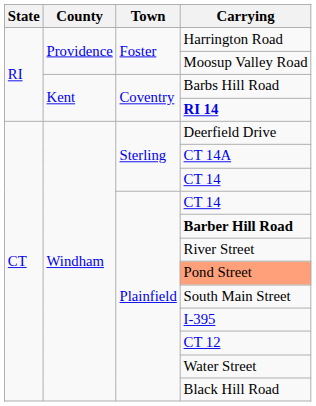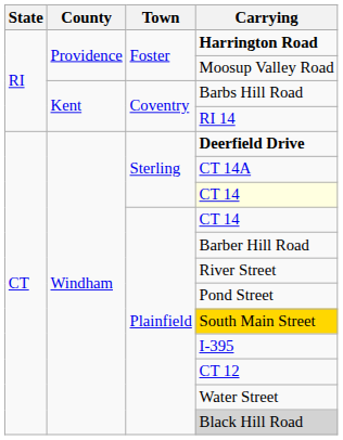 <table class="wikitable">
 <tr>
 <th>State</th>
 <th>County</th>
 <th>Town</th>
 <th>Carrying</th>
 </tr>
 <tr>
 <td rowspan="4"><a href='#'>RI</a></td>
 <td rowspan="2"><a href='#'>Providence</a></td>
 <td rowspan="2"><a href='#'>Foster</a></td>
-<td>Harrington Road</td>
+<td><strong>Harrington Road</strong></td>
 </tr>
 <tr>
 <td>Moosup Valley Road</td>
 </tr>
 <tr>
 <td rowspan="2"><a href='#'>Kent</a></td>
 <td rowspan="2"><a href='#'>Coventry</a></td>
 <td>Barbs Hill Road</td>
 </tr>
 <tr>
-<td><strong> <a href='#'>RI 14</a></strong></td>
+<td> <a href='#'>RI 14</a></td>
 </tr>
 <tr>
 <td rowspan="12"><a href='#'>CT</a></td>
 <td rowspan="12"><a href='#'>Windham</a></td>
 <td rowspan="3"><a href='#'>Sterling</a></td>
-<td>Deerfield Drive</td>
+<td><strong>Deerfield Drive</strong></td>
 </tr>
 <tr>
 <td> <a href='#'>CT 14A</a></td>
 </tr>
 <tr>
-<td> <a href='#'>CT 14</a></td>
+<td style="background: lightyellow;"> <a href='#'>CT 14</a></td>
 </tr>
 <tr>
 <td rowspan="9"><a href='#'>Plainfield</a></td>
 <td> <a href='#'>CT 14</a></td>
 </tr>
 <tr>
-<td><strong>Barber Hill Road</strong></td>
+<td>Barber Hill Road</td>
 </tr>
 <tr>
 <td>River Street</td>
 </tr>
 <tr>
-<td style="background: lightsalmon;">Pond Street</td>
+<td>Pond Street</td>
 </tr>
 <tr>
-<td>South Main Street</td>
+<td style="background: gold;">South Main Street</td>
 </tr>
 <tr>
 <td> <a href='#'>I-395</a></td>
 </tr>
 <tr>
 <td> <a href='#'>CT 12</a></td>
 </tr>
 <tr>
 <td>Water Street</td>
 </tr>
 <tr>
-<td>Black Hill Road</td>
+<td style="background: lightgrey;">Black Hill Road</td>
 </tr>
 </table>
